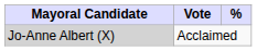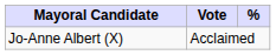 <table class="wikitable">
 <tr>
 <th style="background:#ddf; width:200px;">Mayoral Candidate</th>
 <th style="background:#ddf; width:50px;">Vote</th>
 <th style="background:#ddf; width:30px;">%</th>
 </tr>
 <tr>
-<td style="background: lightgrey;">Jo-Anne Albert (X)</td>
+<td>Jo-Anne Albert (X)</td>
 <td colspan="2">Acclaimed</td>
 </tr>
 </table>
